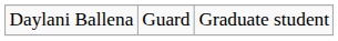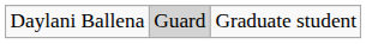 <table class="wikitable" border="1">
 <tr align=center>
 </tr>
 <tr>
 <td>Daylani Ballena</td>
-<td>Guard</td>
+<td style="background: lightgrey;">Guard</td>
 <td>Graduate student</td>
 </tr>
 <tr>
 </tr>
 </table>
